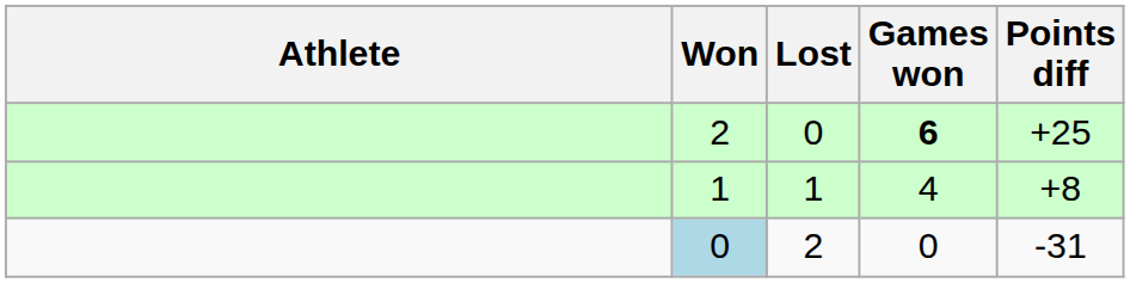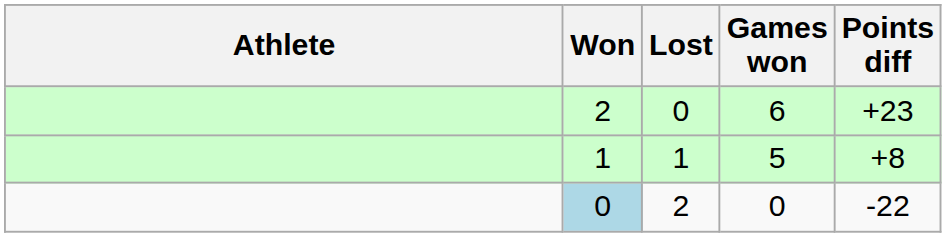 <table class="wikitable">
 <tr>
 <th style="width:18em">Athlete</th>
 <th>Won</th>
 <th>Lost</th>
 <th>Games<br>won</th>
 <th>Points<br>diff</th>
 </tr>
 <tr bgcolor="#ccffcc">
 <td></td>
 <td align="center">2</td>
 <td align="center">0</td>
-<td align="center"><strong>6</strong></td>
-<td align="center">+25</td>
+<td align="center">6</td>
+<td align="center">+23</td>
 </tr>
 <tr bgcolor="#ccffcc">
 <td></td>
 <td align="center">1</td>
 <td align="center">1</td>
-<td align="center">4</td>
+<td align="center">5</td>
 <td align="center">+8</td>
 </tr>
 <tr>
 <td></td>
 <td align="center" style="background: lightblue;">0</td>
 <td align="center">2</td>
 <td align="center">0</td>
-<td align="center">-31</td>
+<td align="center">-22</td>
 </tr>
 </table>
